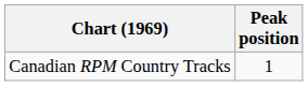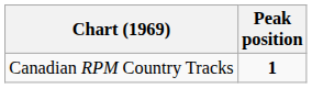 <table class="wikitable">
 <tr>
 <th align="left">Chart (1969)</th>
 <th align="center">Peak<br>position</th>
 </tr>
 <tr>
 <td align="left">Canadian <em>RPM</em> Country Tracks</td>
-<td align="center">1</td>
+<td align="center"><strong>1</strong></td>
 </tr>
 </table>
